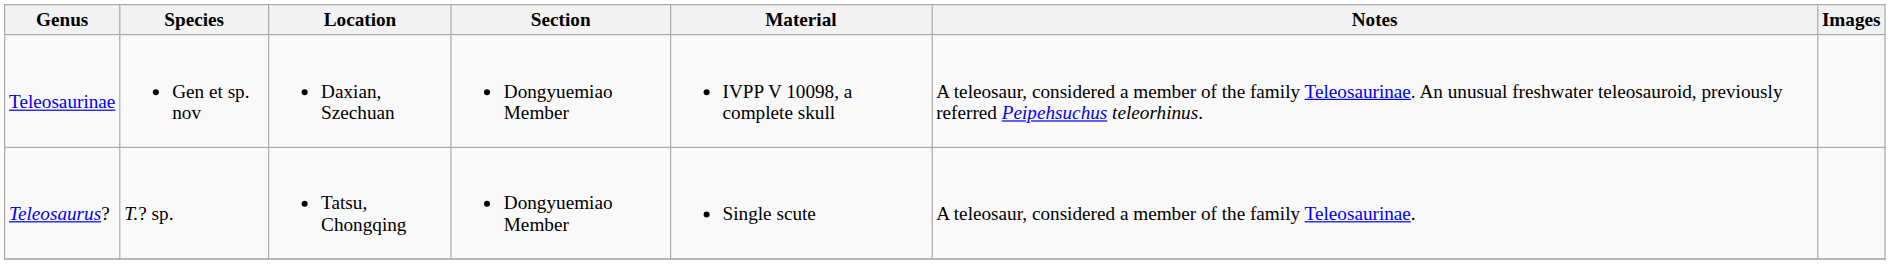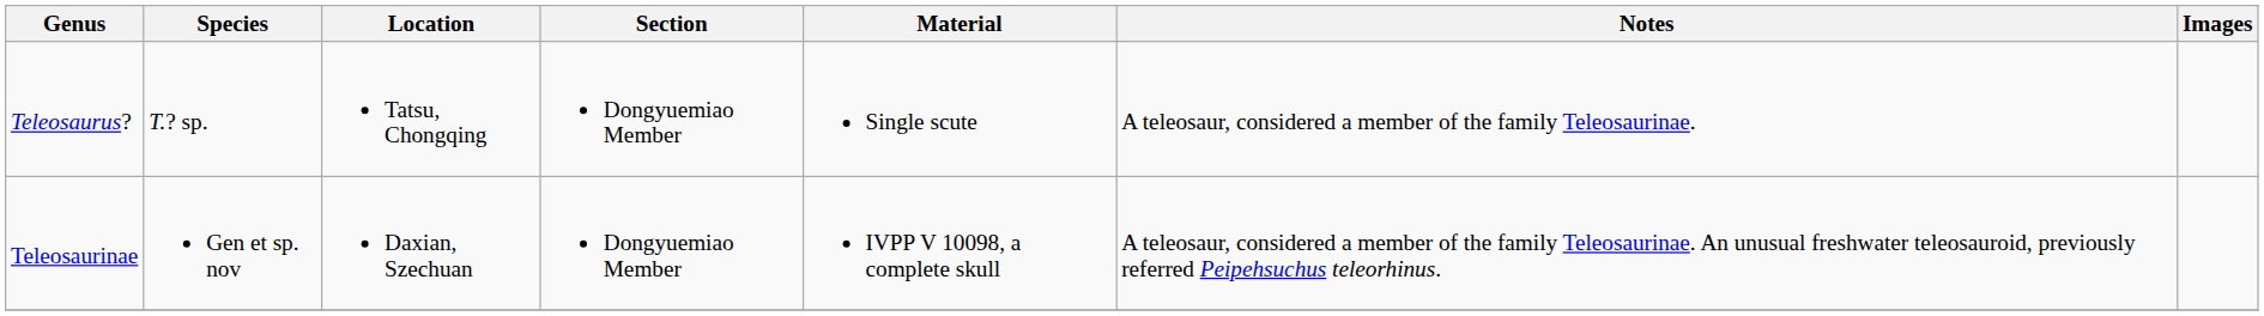 <table class="wikitable" align="center">
 <tr>
 <th>Genus</th>
 <th>Species</th>
 <th>Location</th>
 <th>Section</th>
 <th>Material</th>
 <th>Notes</th>
 <th>Images</th>
 </tr>
 <tr>
+<td><br><em><a href='#'>Teleosaurus</a></em>?</td>
+<td><br><em>T.</em>? sp.</td>
+<td><br><ul><li>Tatsu, Chongqing</li></ul></td>
+<td><br><ul><li>Dongyuemiao Member</li></ul></td>
+<td><br><ul><li>Single scute</li></ul></td>
+<td><br>A teleosaur, considered a member of the family <a href='#'>Teleosaurinae</a>.</td>
+<td></td>
+</tr>
+<tr>
 <td><br><a href='#'>Teleosaurinae</a></td>
 <td><br><ul><li>Gen et sp. nov</li></ul></td>
 <td><br><ul><li>Daxian, Szechuan</li></ul></td>
 <td><br><ul><li>Dongyuemiao Member</li></ul></td>
 <td><br><ul><li>IVPP V 10098, a complete skull</li></ul></td>
 <td><br>A teleosaur, considered a member of the family <a href='#'>Teleosaurinae</a>. An unusual freshwater teleosauroid, previously referred <em><a href='#'>Peipehsuchus</a> teleorhinus</em>.</td>
 <td><br></td>
 </tr>
 <tr>
-<td><br><em><a href='#'>Teleosaurus</a></em>?</td>
-<td><br><em>T.</em>? sp.</td>
-<td><br><ul><li>Tatsu, Chongqing</li></ul></td>
-<td><br><ul><li>Dongyuemiao Member</li></ul></td>
-<td><br><ul><li>Single scute</li></ul></td>
-<td><br>A teleosaur, considered a member of the family <a href='#'>Teleosaurinae</a>.</td>
-<td></td>
-</tr>
-<tr>
 </tr>
 </table>
